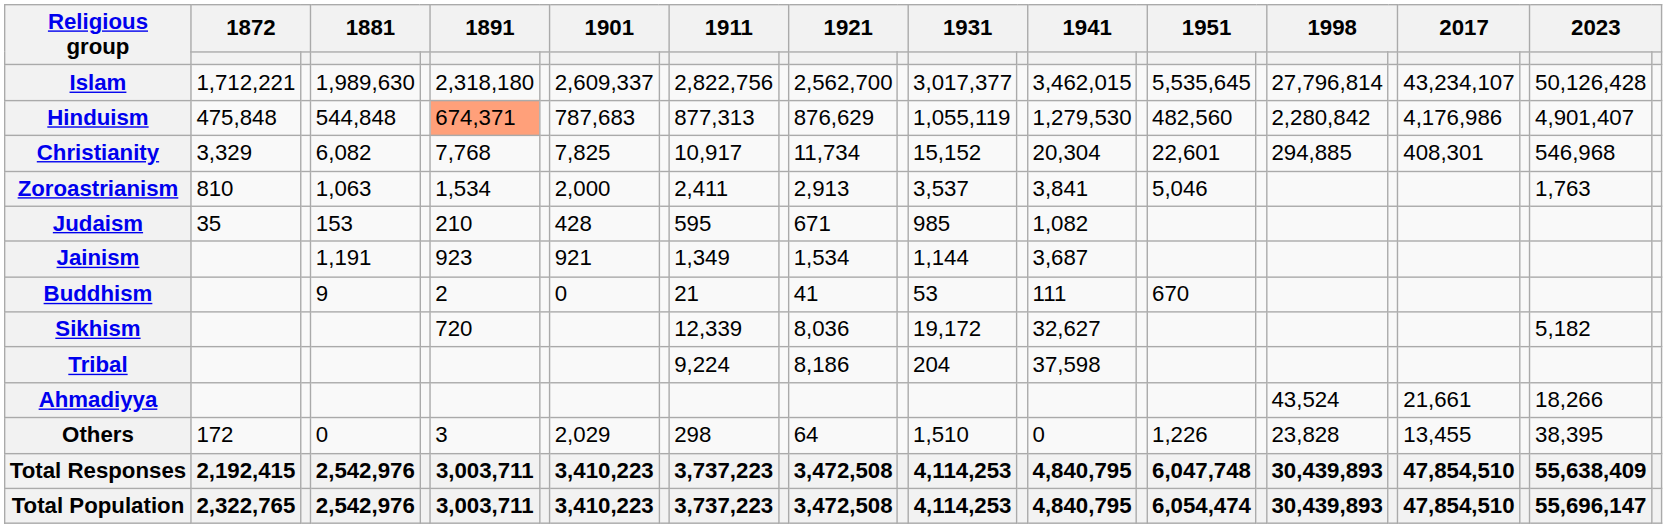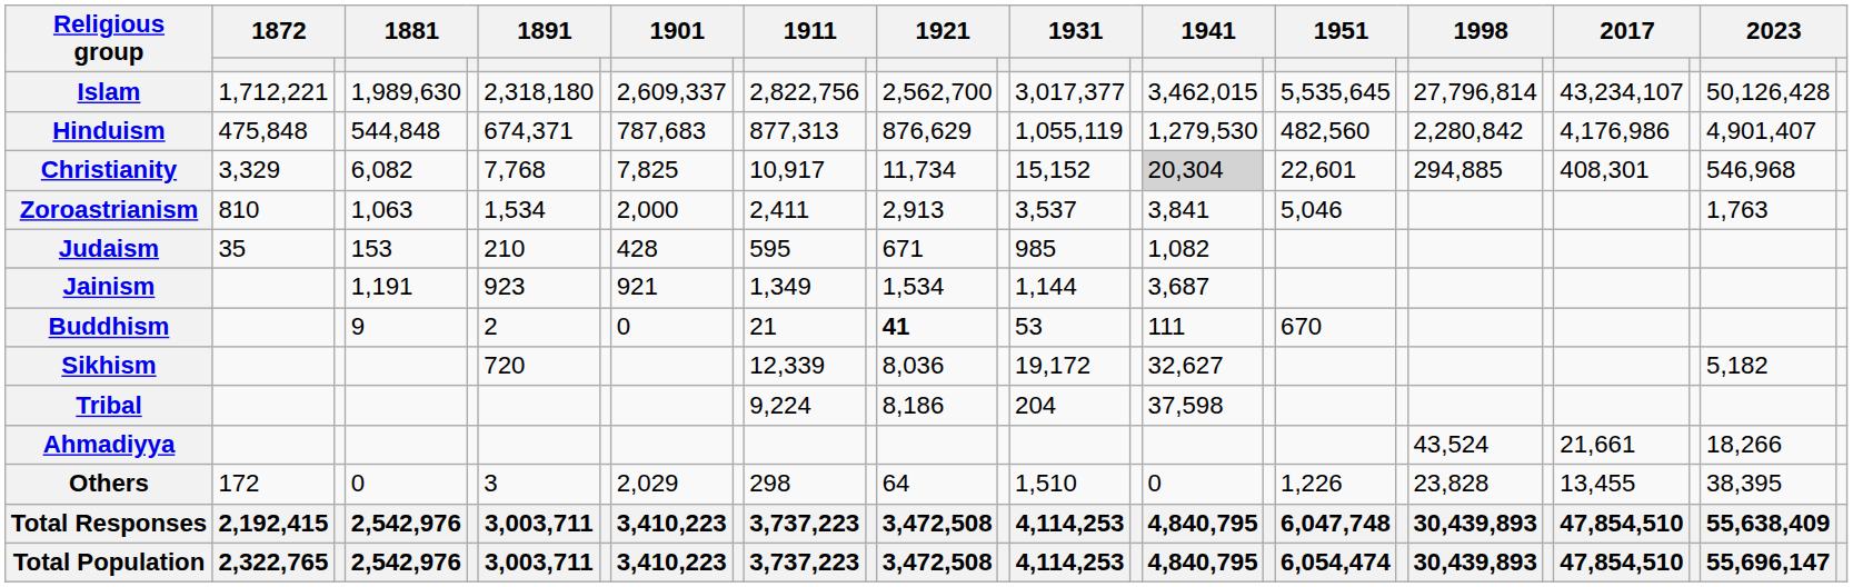 <table class="wikitable sortable">
 <tr>
 <th rowspan="2"><a href='#'>Religious</a><br>group</th>
 <th colspan="2">1872</th>
 <th colspan="2">1881</th>
 <th colspan="2">1891</th>
 <th colspan="2">1901</th>
 <th colspan="2">1911</th>
 <th colspan="2">1921</th>
 <th colspan="2">1931</th>
 <th colspan="2">1941</th>
 <th colspan="2">1951</th>
 <th colspan="2">1998</th>
 <th colspan="2">2017</th>
 <th colspan="2">2023</th>
 </tr>
 <tr>
 <th><a href='#'></a></th>
 <th></th>
 <th></th>
 <th></th>
 <th></th>
 <th></th>
 <th></th>
 <th></th>
 <th></th>
 <th></th>
 <th></th>
 <th></th>
 <th></th>
 <th></th>
 <th></th>
 <th></th>
 <th></th>
 <th></th>
 <th></th>
 <th></th>
 <th></th>
 <th></th>
 <th></th>
 <th></th>
 </tr>
 <tr>
 <th><a href='#'>Islam</a> </th>
 <td>1,712,221</td>
 <td></td>
 <td>1,989,630</td>
 <td></td>
 <td>2,318,180</td>
 <td></td>
 <td>2,609,337</td>
 <td></td>
 <td>2,822,756</td>
 <td></td>
 <td>2,562,700</td>
 <td></td>
 <td>3,017,377</td>
 <td></td>
 <td>3,462,015</td>
 <td></td>
 <td>5,535,645</td>
 <td></td>
 <td>27,796,814</td>
 <td></td>
 <td>43,234,107</td>
 <td></td>
 <td>50,126,428</td>
 <td></td>
 </tr>
 <tr>
 <th><a href='#'>Hinduism</a> </th>
 <td>475,848</td>
 <td></td>
 <td>544,848</td>
 <td></td>
-<td style="background: lightsalmon;">674,371</td>
+<td>674,371</td>
 <td></td>
 <td>787,683</td>
 <td></td>
 <td>877,313</td>
 <td></td>
 <td>876,629</td>
 <td></td>
 <td>1,055,119</td>
 <td></td>
 <td>1,279,530</td>
 <td></td>
 <td>482,560</td>
 <td></td>
 <td>2,280,842</td>
 <td></td>
 <td>4,176,986</td>
 <td></td>
 <td>4,901,407</td>
 <td></td>
 </tr>
 <tr>
 <th><a href='#'>Christianity</a> </th>
 <td>3,329</td>
 <td></td>
 <td>6,082</td>
 <td></td>
 <td>7,768</td>
 <td></td>
 <td>7,825</td>
 <td></td>
 <td>10,917</td>
 <td></td>
 <td>11,734</td>
 <td></td>
 <td>15,152</td>
 <td></td>
-<td>20,304</td>
+<td style="background: lightgrey;">20,304</td>
 <td></td>
 <td>22,601</td>
 <td></td>
 <td>294,885</td>
 <td></td>
 <td>408,301</td>
 <td></td>
 <td>546,968</td>
 <td></td>
 </tr>
 <tr>
 <th><a href='#'>Zoroastrianism</a> </th>
 <td>810</td>
 <td></td>
 <td>1,063</td>
 <td></td>
 <td>1,534</td>
 <td></td>
 <td>2,000</td>
 <td></td>
 <td>2,411</td>
 <td></td>
 <td>2,913</td>
 <td></td>
 <td>3,537</td>
 <td></td>
 <td>3,841</td>
 <td></td>
 <td>5,046</td>
 <td></td>
 <td></td>
 <td></td>
 <td></td>
 <td></td>
 <td>1,763</td>
 <td></td>
 </tr>
 <tr>
 <th><a href='#'>Judaism</a> </th>
 <td>35</td>
 <td></td>
 <td>153</td>
 <td></td>
 <td>210</td>
 <td></td>
 <td>428</td>
 <td></td>
 <td>595</td>
 <td></td>
 <td>671</td>
 <td></td>
 <td>985</td>
 <td></td>
 <td>1,082</td>
 <td></td>
 <td></td>
 <td></td>
 <td></td>
 <td></td>
 <td></td>
 <td></td>
 <td></td>
 <td></td>
 </tr>
 <tr>
 <th><a href='#'>Jainism</a> </th>
 <td></td>
 <td></td>
 <td>1,191</td>
 <td></td>
 <td>923</td>
 <td></td>
 <td>921</td>
 <td></td>
 <td>1,349</td>
 <td></td>
 <td>1,534</td>
 <td></td>
 <td>1,144</td>
 <td></td>
 <td>3,687</td>
 <td></td>
 <td></td>
 <td></td>
 <td></td>
 <td></td>
 <td></td>
 <td></td>
 <td></td>
 <td></td>
 </tr>
 <tr>
 <th><a href='#'>Buddhism</a> </th>
 <td></td>
 <td></td>
 <td>9</td>
 <td></td>
 <td>2</td>
 <td></td>
 <td>0</td>
 <td></td>
 <td>21</td>
 <td></td>
-<td>41</td>
+<td><strong>41</strong></td>
 <td></td>
 <td>53</td>
 <td></td>
 <td>111</td>
 <td></td>
 <td>670</td>
 <td></td>
 <td></td>
 <td></td>
 <td></td>
 <td></td>
 <td></td>
 <td></td>
 </tr>
 <tr>
 <th><a href='#'>Sikhism</a> </th>
 <td></td>
 <td></td>
 <td></td>
 <td></td>
 <td>720</td>
 <td></td>
 <td></td>
 <td></td>
 <td>12,339</td>
 <td></td>
 <td>8,036</td>
 <td></td>
 <td>19,172</td>
 <td></td>
 <td>32,627</td>
 <td></td>
 <td></td>
 <td></td>
 <td></td>
 <td></td>
 <td></td>
 <td></td>
 <td>5,182</td>
 <td></td>
 </tr>
 <tr>
 <th><a href='#'>Tribal</a></th>
 <td></td>
 <td></td>
 <td></td>
 <td></td>
 <td></td>
 <td></td>
 <td></td>
 <td></td>
 <td>9,224</td>
 <td></td>
 <td>8,186</td>
 <td></td>
 <td>204</td>
 <td></td>
 <td>37,598</td>
 <td></td>
 <td></td>
 <td></td>
 <td></td>
 <td></td>
 <td></td>
 <td></td>
 <td></td>
 <td></td>
 </tr>
 <tr>
 <th><a href='#'>Ahmadiyya</a> </th>
 <td></td>
 <td></td>
 <td></td>
 <td></td>
 <td></td>
 <td></td>
 <td></td>
 <td></td>
 <td></td>
 <td></td>
 <td></td>
 <td></td>
 <td></td>
 <td></td>
 <td></td>
 <td></td>
 <td></td>
 <td></td>
 <td>43,524</td>
 <td></td>
 <td>21,661</td>
 <td></td>
 <td>18,266</td>
 <td></td>
 </tr>
 <tr>
 <th>Others</th>
 <td>172</td>
 <td></td>
 <td>0</td>
 <td></td>
 <td>3</td>
 <td></td>
 <td>2,029</td>
 <td></td>
 <td>298</td>
 <td></td>
 <td>64</td>
 <td></td>
 <td>1,510</td>
 <td></td>
 <td>0</td>
 <td></td>
 <td>1,226</td>
 <td></td>
 <td>23,828</td>
 <td></td>
 <td>13,455</td>
 <td></td>
 <td>38,395</td>
 <td></td>
 </tr>
 <tr class="sortbottom">
 <th>Total Responses</th>
 <th>2,192,415</th>
 <th></th>
 <th>2,542,976</th>
 <th></th>
 <th>3,003,711</th>
 <th></th>
 <th>3,410,223</th>
 <th></th>
 <th>3,737,223</th>
 <th></th>
 <th>3,472,508</th>
 <th></th>
 <th>4,114,253</th>
 <th></th>
 <th>4,840,795</th>
 <th></th>
 <th>6,047,748</th>
 <th></th>
 <th>30,439,893</th>
 <th></th>
 <th>47,854,510</th>
 <th></th>
 <th>55,638,409</th>
 <th></th>
 </tr>
 <tr class="sortbottom">
 <th>Total Population</th>
 <th>2,322,765</th>
 <th></th>
 <th>2,542,976</th>
 <th></th>
 <th>3,003,711</th>
 <th></th>
 <th>3,410,223</th>
 <th></th>
 <th>3,737,223</th>
 <th></th>
 <th>3,472,508</th>
 <th></th>
 <th>4,114,253</th>
 <th></th>
 <th>4,840,795</th>
 <th></th>
 <th>6,054,474</th>
 <th></th>
 <th>30,439,893</th>
 <th></th>
 <th>47,854,510</th>
 <th></th>
 <th>55,696,147</th>
 <th></th>
 </tr>
 </table>
